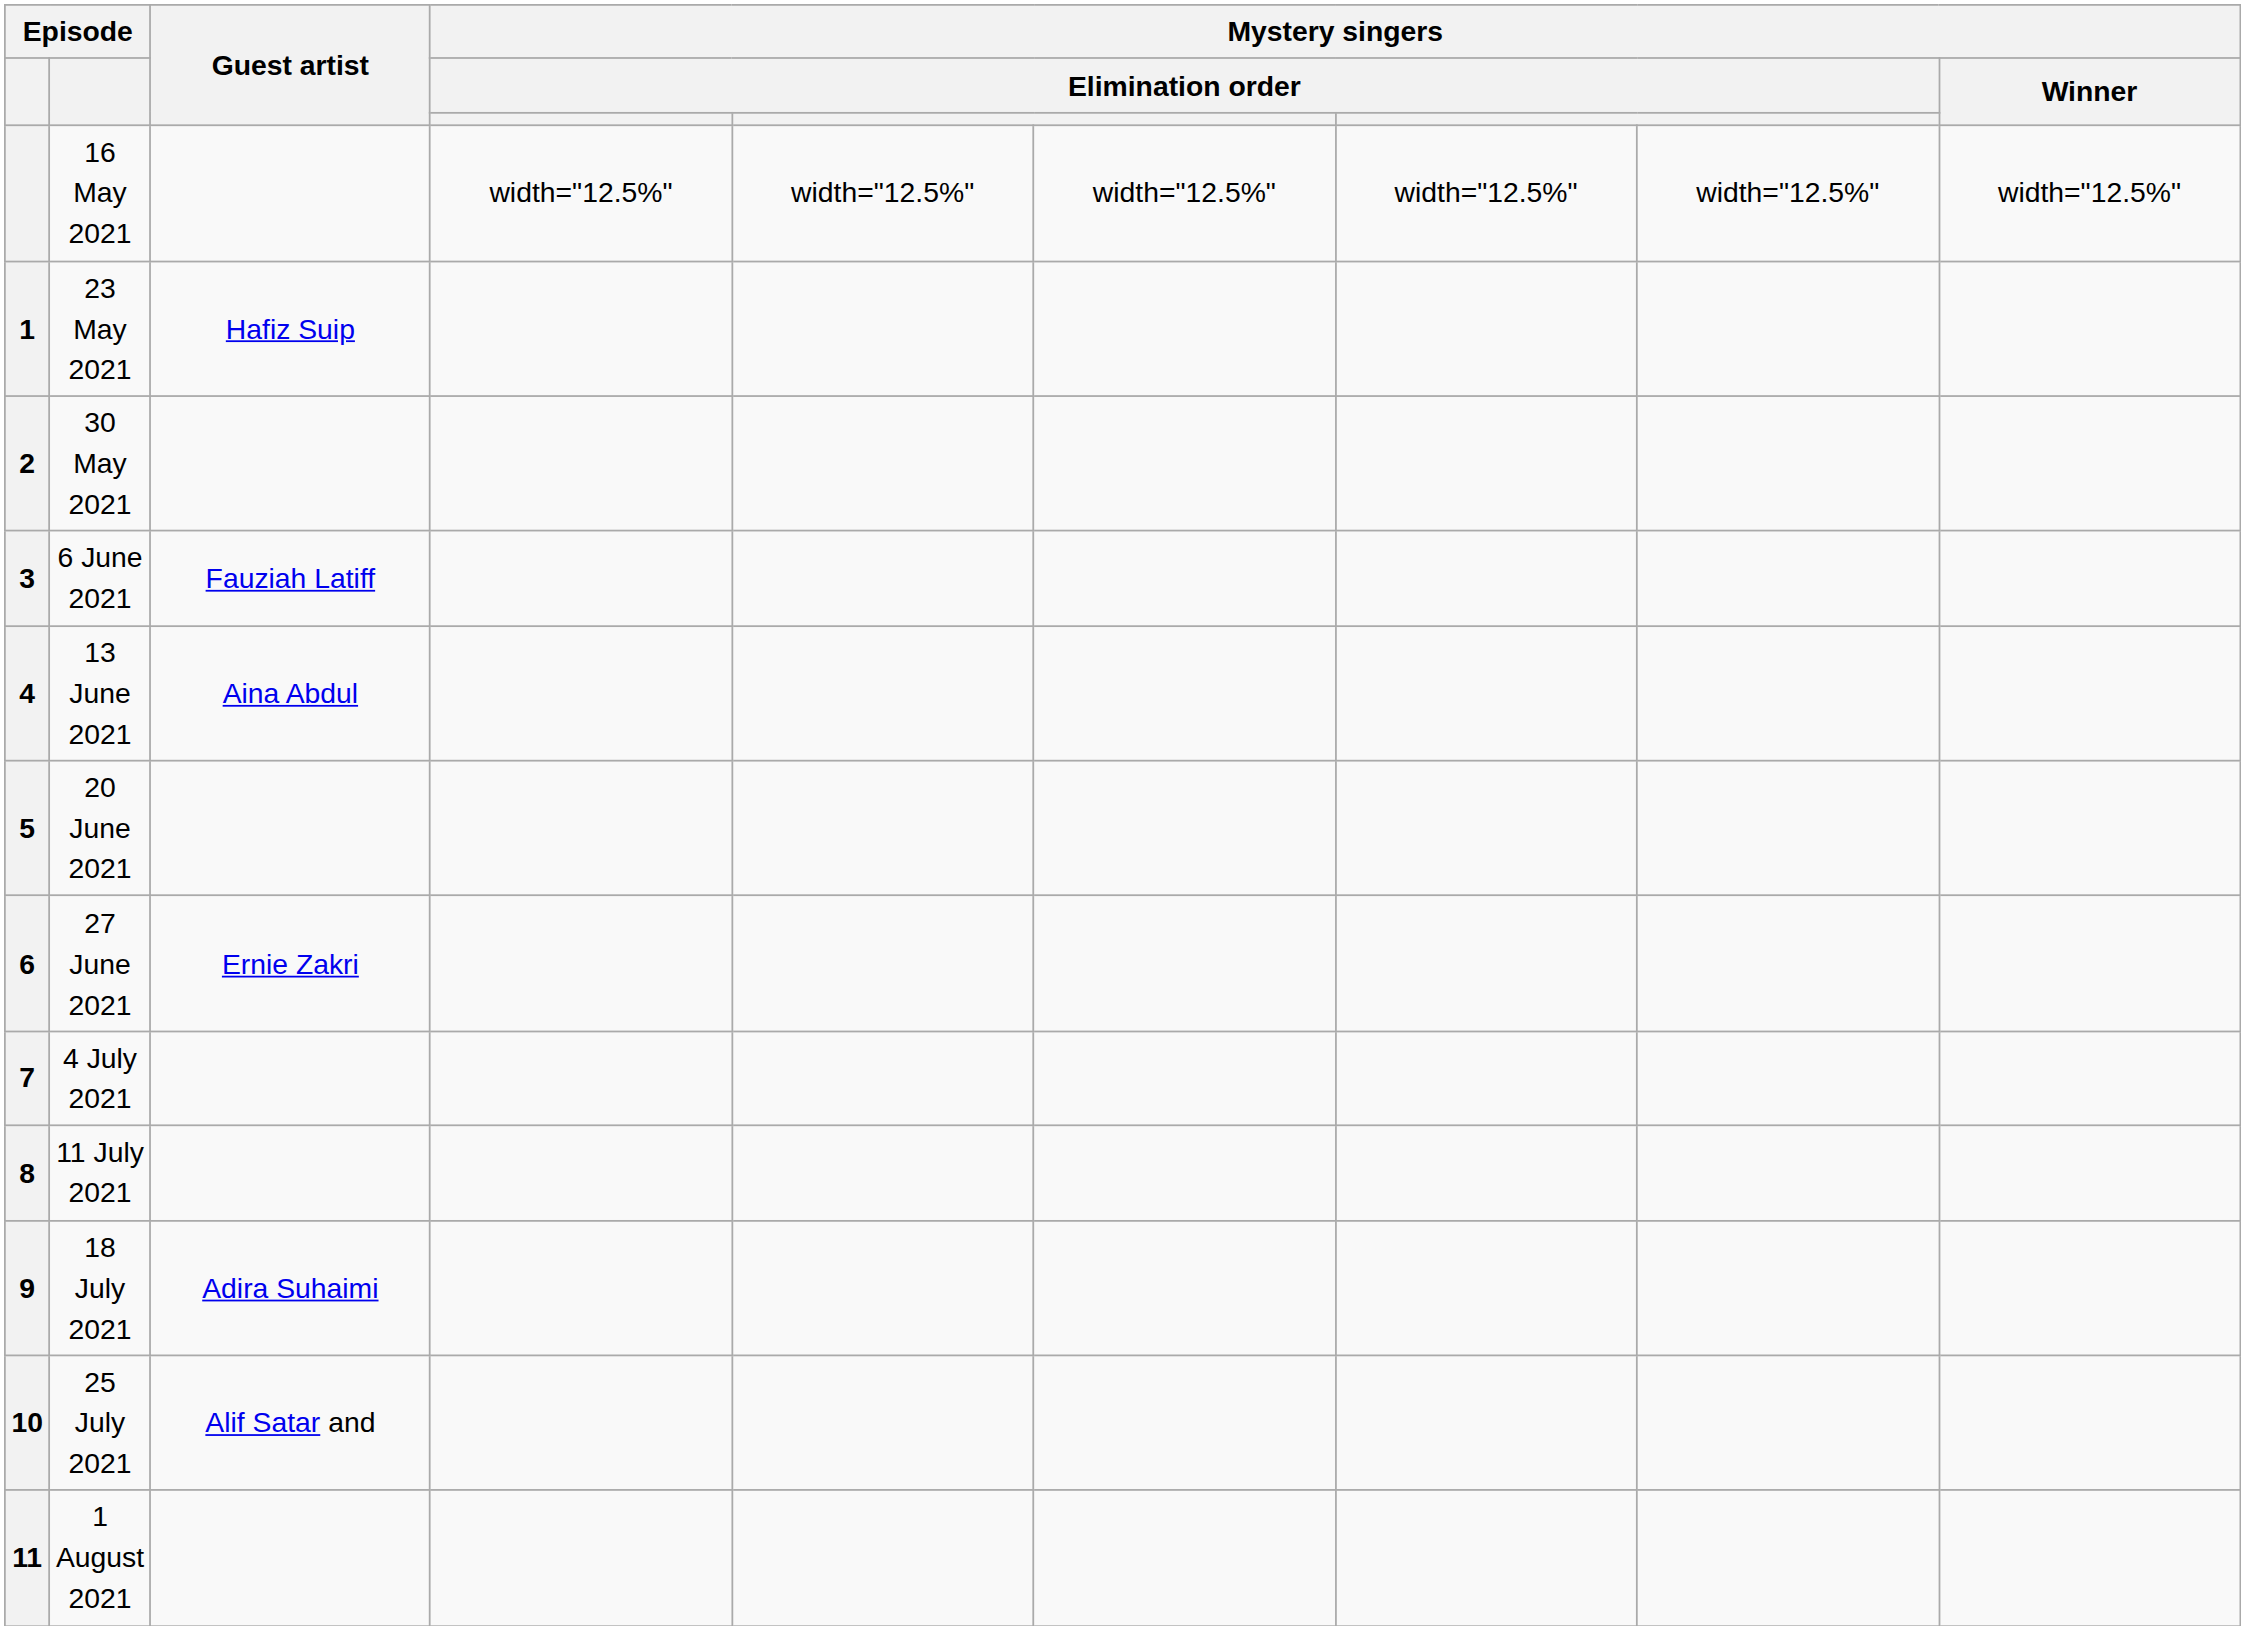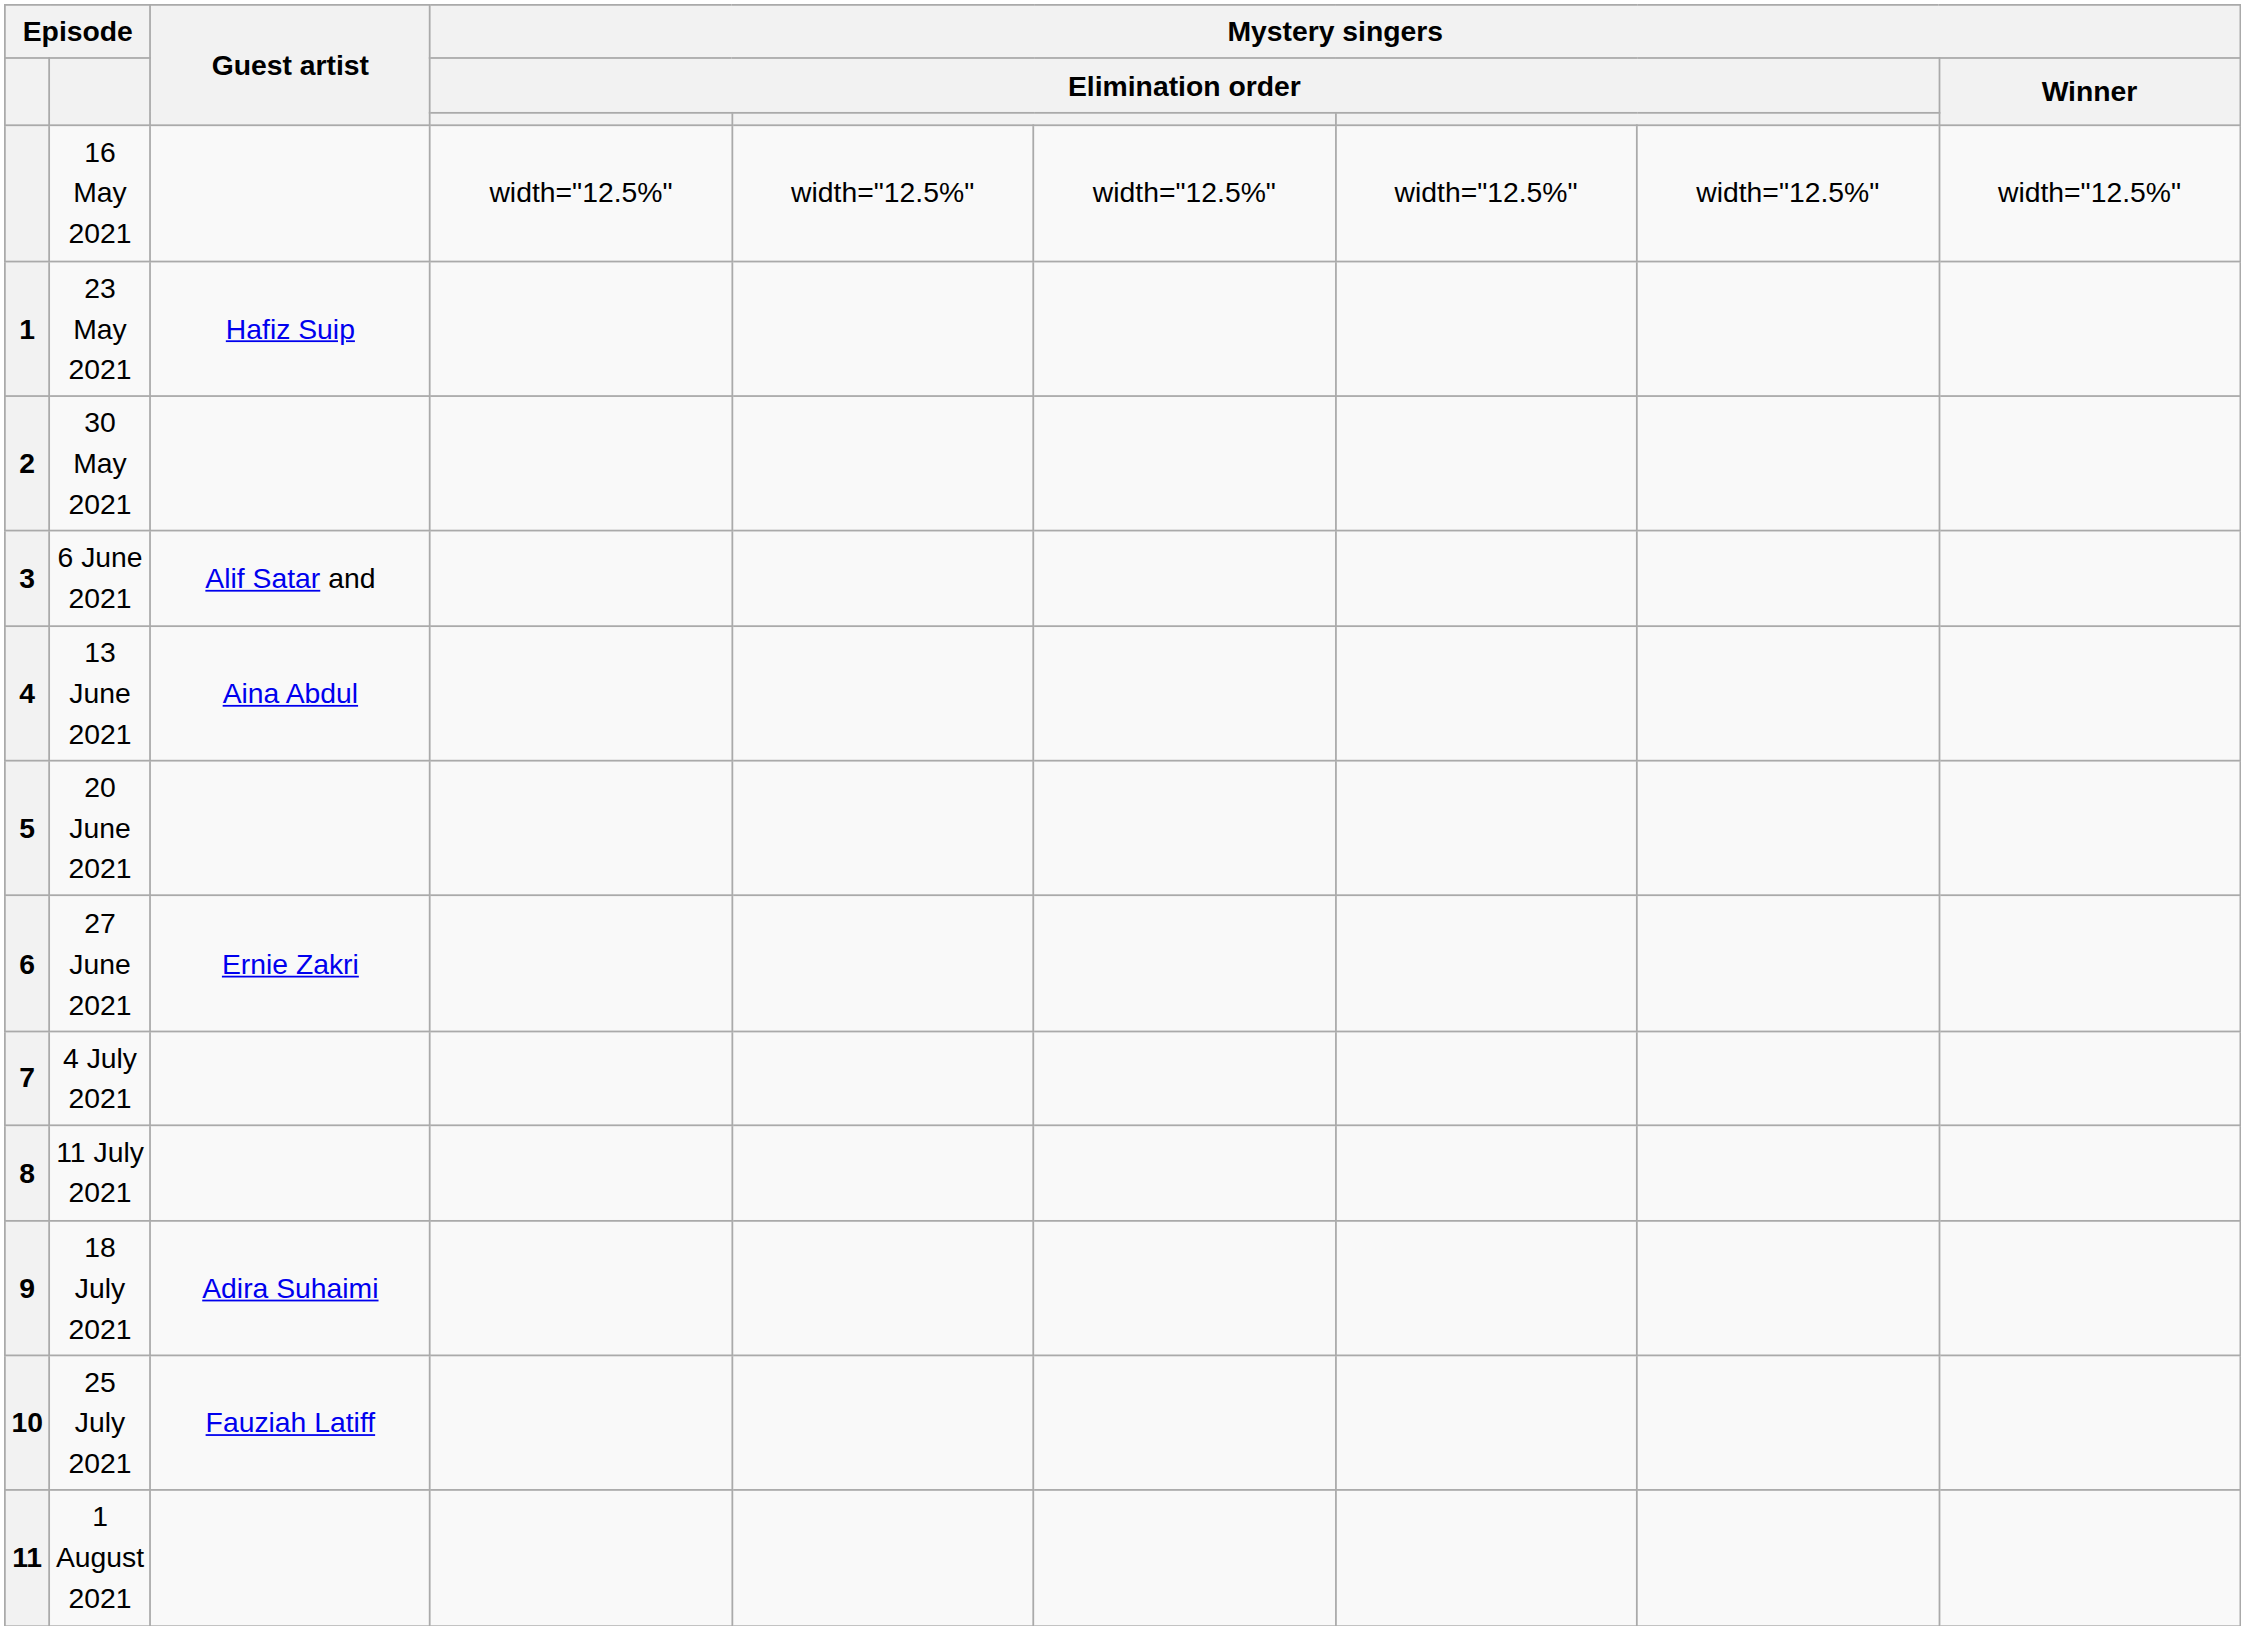 <table class="wikitable plainrowheaders mw-collapsible" style="text-align:center; line-height:23px; width:100%;">
 <tr>
 <th colspan="2" width="1%">Episode</th>
 <th rowspan="3" width="12.5%">Guest artist</th>
 <th colspan="6">Mystery singers<br></th>
 </tr>
 <tr>
 <th rowspan="2"></th>
 <th rowspan="2"></th>
 <th colspan="5">Elimination order</th>
 <th rowspan="2">Winner</th>
 </tr>
 <tr>
 <th></th>
 <th colspan="2"></th>
 <th colspan="2"></th>
 </tr>
 <tr>
 <th></th>
 <td>16 May 2021</td>
 <td><em></em></td>
 <td>width="12.5%" </td>
 <td>width="12.5%" </td>
 <td>width="12.5%" </td>
 <td>width="12.5%" </td>
 <td>width="12.5%" </td>
 <td>width="12.5%" </td>
 </tr>
 <tr>
 <th>1</th>
 <td>23 May 2021</td>
 <td><a href='#'>Hafiz Suip</a></td>
 <td></td>
 <td></td>
 <td></td>
 <td></td>
 <td></td>
 <td></td>
 </tr>
 <tr>
 <th>2</th>
 <td>30 May 2021</td>
 <td></td>
 <td></td>
 <td></td>
 <td></td>
 <td></td>
 <td></td>
 <td></td>
 </tr>
 <tr>
 <th>3</th>
 <td>6 June 2021</td>
-<td><a href='#'>Fauziah Latiff</a></td>
+<td><a href='#'>Alif Satar</a> and </td>
 <td></td>
 <td></td>
 <td></td>
 <td></td>
 <td></td>
 <td></td>
 </tr>
 <tr>
 <th>4</th>
 <td>13 June 2021</td>
 <td><a href='#'>Aina Abdul</a></td>
 <td></td>
 <td></td>
 <td></td>
 <td></td>
 <td></td>
 <td></td>
 </tr>
 <tr>
 <th>5</th>
 <td>20 June 2021</td>
 <td></td>
 <td></td>
 <td></td>
 <td></td>
 <td></td>
 <td></td>
 <td></td>
 </tr>
 <tr>
 <th>6</th>
 <td>27 June 2021</td>
 <td><a href='#'>Ernie Zakri</a></td>
 <td></td>
 <td></td>
 <td></td>
 <td></td>
 <td></td>
 <td></td>
 </tr>
 <tr>
 <th>7</th>
 <td>4 July 2021</td>
 <td></td>
 <td></td>
 <td></td>
 <td></td>
 <td></td>
 <td></td>
 <td></td>
 </tr>
 <tr>
 <th>8</th>
 <td>11 July 2021</td>
 <td></td>
 <td></td>
 <td></td>
 <td></td>
 <td></td>
 <td></td>
 <td></td>
 </tr>
 <tr>
 <th>9</th>
 <td>18 July 2021</td>
 <td><a href='#'>Adira Suhaimi</a></td>
 <td></td>
 <td></td>
 <td></td>
 <td></td>
 <td></td>
 <td></td>
 </tr>
 <tr>
 <th>10</th>
 <td>25 July 2021</td>
-<td><a href='#'>Alif Satar</a> and </td>
+<td><a href='#'>Fauziah Latiff</a></td>
 <td></td>
 <td></td>
 <td></td>
 <td></td>
 <td></td>
 <td></td>
 </tr>
 <tr>
 <th>11</th>
 <td>1 August 2021</td>
 <td><br></td>
 <td></td>
 <td></td>
 <td></td>
 <td></td>
 <td></td>
 <td></td>
 </tr>
 </table>
